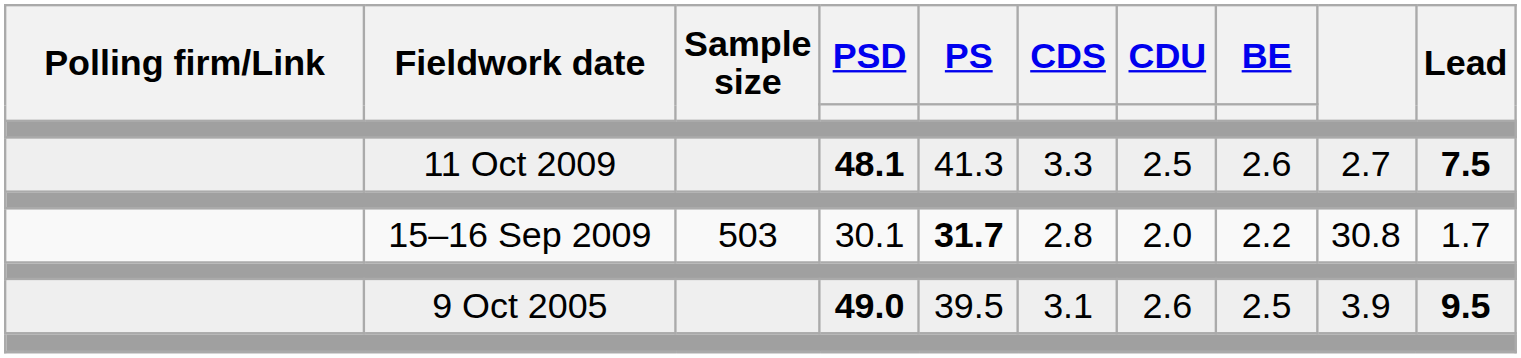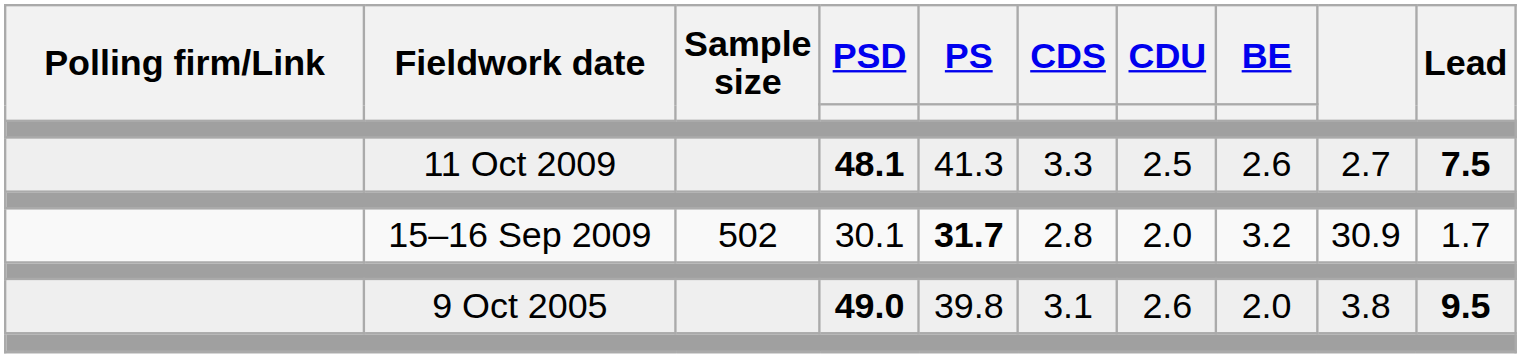 <table class="wikitable collapsible sortable" style="text-align:center; font-size:95%; line-height:16px;">
 <tr style="height:42px;">
 <th style="width:145px;" rowspan="2">Polling firm/Link</th>
 <th style="width:125px;" rowspan="2">Fieldwork date</th>
 <th class="unsortable" style="width:50px;" rowspan="2">Sample size</th>
 <th class="unsortable" style="width:35px;"><a href='#'>PSD</a></th>
 <th class="unsortable" style="width:35px;"><a href='#'>PS</a></th>
 <th class="unsortable" style="width:35px;"><a href='#'>CDS</a></th>
 <th class="unsortable" style="width:35px;"><a href='#'>CDU</a></th>
 <th class="unsortable" style="width:35px;"><a href='#'>BE</a></th>
 <th class="unsortable" style="width:35px;" rowspan="2"></th>
 <th class="unsortable" style="width:30px;" rowspan="2">Lead</th>
 </tr>
 <tr>
 <th class="unsortable" style="color:inherit;background:"></th>
 <th class="unsortable" style="color:inherit;background:"></th>
 <th class="unsortable" style="color:inherit;background:"></th>
 <th class="unsortable" style="color:inherit;background:"></th>
 <th class="unsortable" style="color:inherit;background:"></th>
 </tr>
 <tr>
 <td colspan="13" style="background:#A0A0A0"></td>
 </tr>
 <tr style="background:#EFEFEF;">
 <td><strong></strong></td>
 <td data-sort-value="2019-10-06">11 Oct 2009</td>
 <td></td>
 <td><strong>48.1</strong><br></td>
 <td>41.3<br></td>
 <td>3.3<br></td>
 <td>2.5<br></td>
 <td>2.6<br></td>
 <td>2.7</td>
 <td style="background:"><strong>7.5</strong></td>
 </tr>
 <tr>
 <td colspan="13" style="background:#A0A0A0"></td>
 </tr>
 <tr>
 <td align="center"></td>
 <td align="center">15–16 Sep 2009</td>
-<td>503</td>
+<td>502</td>
 <td align="center">30.1</td>
 <td align="center" ><strong>31.7</strong></td>
 <td align="center">2.8</td>
 <td align="center">2.0</td>
-<td align="center">2.2</td>
-<td align="center">30.8</td>
+<td align="center">3.2</td>
+<td align="center">30.9</td>
 <td style="background:">1.7</td>
 </tr>
 <tr>
 <td colspan="13" style="background:#A0A0A0"></td>
 </tr>
 <tr style="background:#EFEFEF;">
 <td><strong></strong></td>
 <td data-sort-value="2019-10-06">9 Oct 2005</td>
 <td></td>
 <td><strong>49.0</strong><br></td>
-<td>39.5<br></td>
+<td>39.8<br></td>
 <td>3.1<br></td>
 <td>2.6<br></td>
-<td>2.5<br></td>
-<td>3.9</td>
+<td>2.0<br></td>
+<td>3.8</td>
 <td style="background:"><strong>9.5</strong></td>
 </tr>
 <tr>
 <td colspan="13" style="background:#A0A0A0"></td>
 </tr>
 <tr>
 </tr>
 </table>
